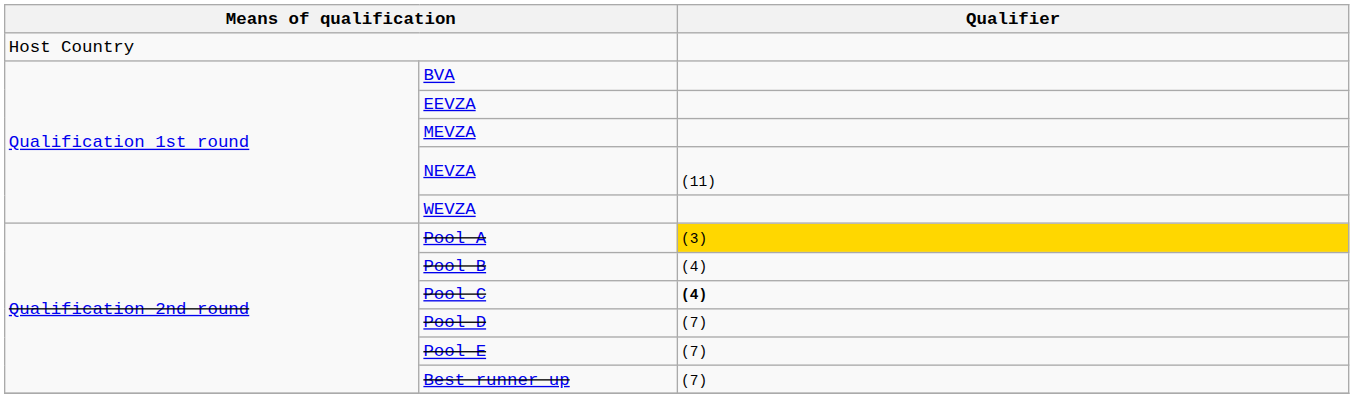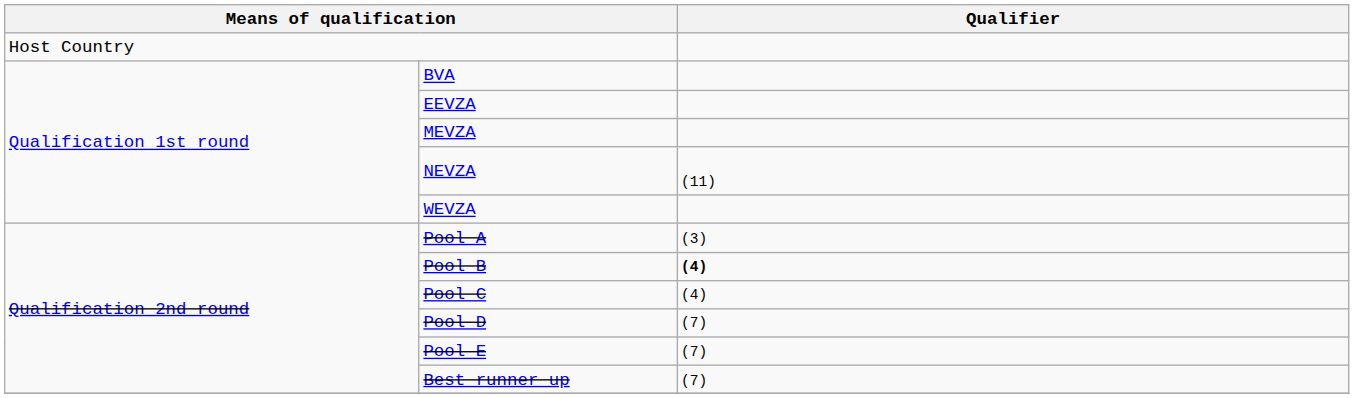 <table class="wikitable">
 <tr>
 <th colspan=2 width=30%>Means of qualification</th>
 <th width=30%>Qualifier</th>
 </tr>
 <tr>
 <td colspan=2>Host Country</td>
 <td></td>
 </tr>
 <tr>
 <td rowspan=5><a href='#'>Qualification 1st round</a></td>
 <td><a href='#'>BVA</a></td>
 <td></td>
 </tr>
 <tr>
 <td><a href='#'>EEVZA</a></td>
 <td></td>
 </tr>
 <tr>
 <td><a href='#'>MEVZA</a></td>
 <td></td>
 </tr>
 <tr>
 <td><a href='#'>NEVZA</a></td>
 <td><s></s><br> <small>(11)</small></td>
 </tr>
 <tr>
 <td><a href='#'>WEVZA</a></td>
 <td></td>
 </tr>
 <tr>
 <td rowspan=6><s><a href='#'>Qualification 2nd round</a></s></td>
 <td><s><a href='#'>Pool A</a></s></td>
-<td style="background: gold;"> <small>(3)</small></td>
+<td> <small>(3)</small></td>
 </tr>
 <tr>
 <td><s><a href='#'>Pool B</a></s></td>
-<td> <small>(4)</small></td>
+<td><strong> <small>(4)</small></strong></td>
 </tr>
 <tr>
 <td><s><a href='#'>Pool C</a></s></td>
-<td><strong> <small>(4)</small></strong></td>
+<td> <small>(4)</small></td>
 </tr>
 <tr>
 <td><s><a href='#'>Pool D</a></s></td>
 <td> <small>(7)</small></td>
 </tr>
 <tr>
 <td><s><a href='#'>Pool E</a></s></td>
 <td> <small>(7)</small></td>
 </tr>
 <tr>
 <td><s><a href='#'>Best runner up</a></s></td>
 <td> <small>(7)</small></td>
 </tr>
 <tr>
 </tr>
 </table>
